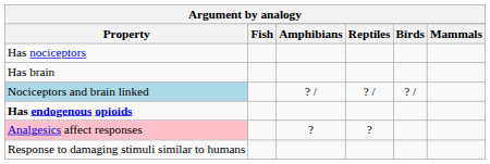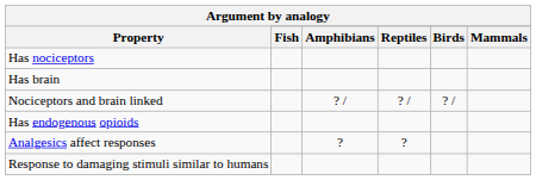 <table class="wikitable">
 <tr>
 <th colspan=10>Argument by analogy</th>
 </tr>
 <tr>
 <th rowspan=2>Property</th>
 </tr>
 <tr>
 <th>Fish</th>
 <th>Amphibians</th>
 <th>Reptiles</th>
 <th>Birds</th>
 <th>Mammals</th>
 </tr>
 <tr>
 <td>Has <a href='#'>nociceptors</a></td>
 <td align=center></td>
 <td align=center></td>
 <td align=center></td>
 <td align=center></td>
 <td align=center></td>
 </tr>
 <tr>
 <td>Has brain</td>
 <td align=center></td>
 <td align=center></td>
 <td align=center></td>
 <td align=center></td>
 <td align=center></td>
 </tr>
 <tr>
-<td style="background: lightblue;">Nociceptors and brain linked</td>
+<td>Nociceptors and brain linked</td>
 <td align=center></td>
 <td align=center>? / </td>
 <td align=center>? / </td>
 <td align=center>? / </td>
 <td align=center></td>
 </tr>
 <tr>
-<td><strong>Has <a href='#'>endogenous</a> <a href='#'>opioids</a></strong></td>
+<td>Has <a href='#'>endogenous</a> <a href='#'>opioids</a></td>
 <td align=center></td>
 <td align=center></td>
 <td align=center></td>
 <td align=center></td>
 <td align=center></td>
 </tr>
 <tr>
-<td style="background: pink;"><a href='#'>Analgesics</a> affect responses</td>
+<td><a href='#'>Analgesics</a> affect responses</td>
 <td align=center></td>
 <td align=center>?</td>
 <td align=center>?</td>
 <td align=center></td>
 <td align=center></td>
 </tr>
 <tr>
 <td>Response to damaging stimuli similar to humans</td>
 <td align=center></td>
 <td align=center></td>
 <td align=center></td>
 <td align=center></td>
 <td align=center></td>
 </tr>
 </table>
